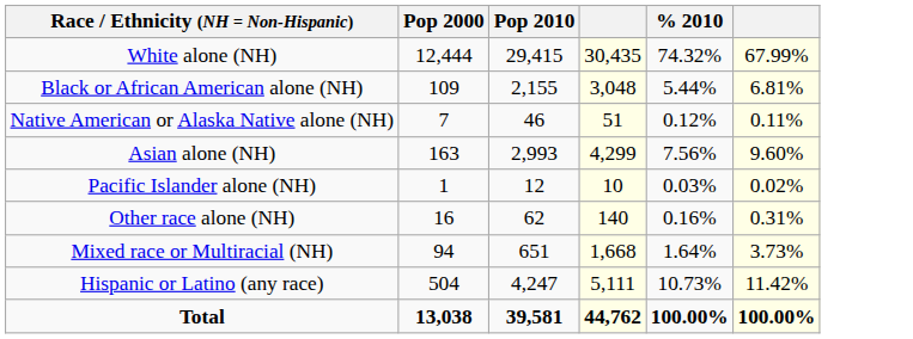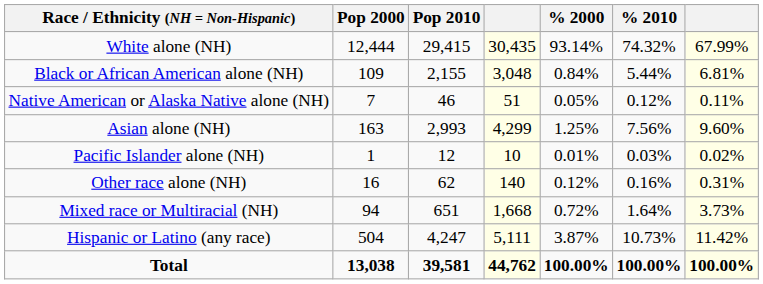 <table class="wikitable" style="text-align:center;">
 <tr>
 <th>Race / Ethnicity <small>(<em>NH = Non-Hispanic</em>)</small></th>
 <th>Pop 2000</th>
 <th>Pop 2010</th>
 <th></th>
+<th>% 2000</th>
 <th>% 2010</th>
 <th></th>
 </tr>
 <tr>
 <td><a href='#'>White</a> alone (NH)</td>
 <td>12,444</td>
 <td>29,415</td>
 <td style='background: #ffffe6;'>30,435</td>
+<td>93.14%</td>
 <td>74.32%</td>
 <td style='background: #ffffe6;'>67.99%</td>
 </tr>
 <tr>
 <td><a href='#'>Black or African American</a> alone (NH)</td>
 <td>109</td>
 <td>2,155</td>
 <td style='background: #ffffe6;'>3,048</td>
+<td>0.84%</td>
 <td>5.44%</td>
 <td style='background: #ffffe6;'>6.81%</td>
 </tr>
 <tr>
 <td><a href='#'>Native American</a> or <a href='#'>Alaska Native</a> alone (NH)</td>
 <td>7</td>
 <td>46</td>
 <td style='background: #ffffe6;'>51</td>
+<td>0.05%</td>
 <td>0.12%</td>
 <td style='background: #ffffe6;'>0.11%</td>
 </tr>
 <tr>
 <td><a href='#'>Asian</a> alone (NH)</td>
 <td>163</td>
 <td>2,993</td>
 <td style='background: #ffffe6;'>4,299</td>
+<td>1.25%</td>
 <td>7.56%</td>
 <td style='background: #ffffe6;'>9.60%</td>
 </tr>
 <tr>
 <td><a href='#'>Pacific Islander</a> alone (NH)</td>
 <td>1</td>
 <td>12</td>
 <td style='background: #ffffe6;'>10</td>
+<td>0.01%</td>
 <td>0.03%</td>
 <td style='background: #ffffe6;'>0.02%</td>
 </tr>
 <tr>
 <td><a href='#'>Other race</a> alone (NH)</td>
 <td>16</td>
 <td>62</td>
 <td style='background: #ffffe6;'>140</td>
+<td>0.12%</td>
 <td>0.16%</td>
 <td style='background: #ffffe6;'>0.31%</td>
 </tr>
 <tr>
 <td><a href='#'>Mixed race or Multiracial</a> (NH)</td>
 <td>94</td>
 <td>651</td>
 <td style='background: #ffffe6;'>1,668</td>
+<td>0.72%</td>
 <td>1.64%</td>
 <td style='background: #ffffe6;'>3.73%</td>
 </tr>
 <tr>
 <td><a href='#'>Hispanic or Latino</a> (any race)</td>
 <td>504</td>
 <td>4,247</td>
 <td style='background: #ffffe6;'>5,111</td>
+<td>3.87%</td>
 <td>10.73%</td>
 <td style='background: #ffffe6;'>11.42%</td>
 </tr>
 <tr>
 <td><strong>Total</strong></td>
 <td><strong>13,038</strong></td>
 <td><strong>39,581</strong></td>
 <td style='background: #ffffe6;'><strong>44,762</strong></td>
 <td><strong>100.00%</strong></td>
+<td><strong>100.00%</strong></td>
 <td style='background: #ffffe6;'><strong>100.00%</strong></td>
 </tr>
 </table>
